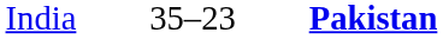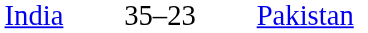 <table style=text-align:center>
 <tr>
 <th width=200></th>
 <th width=100></th>
 <th width=200></th>
 </tr>
 <tr>
 <td align=right><a href='#'>India</a> </td>
 <td>35–23</td>
-<td align=left><strong> <a href='#'>Pakistan</a></strong></td>
+<td align=left> <a href='#'>Pakistan</a></td>
 </tr>
 </table>
